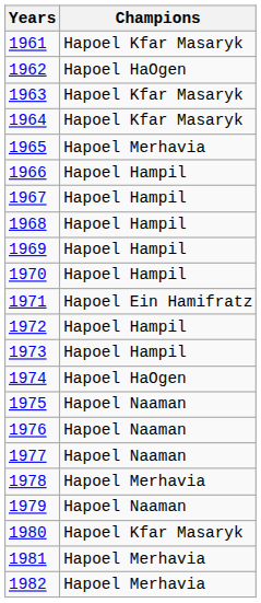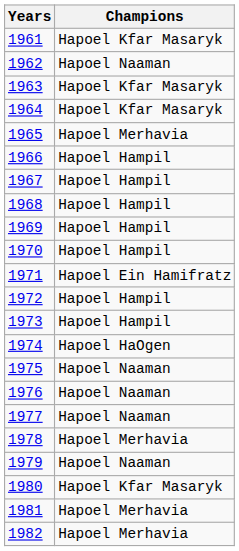 <table class="wikitable" style="display:inline-table;">
 <tr>
 <th>Years</th>
 <th>Champions</th>
 </tr>
 <tr>
 <td><a href='#'>1961</a></td>
 <td>Hapoel Kfar Masaryk</td>
 </tr>
 <tr>
 <td><a href='#'>1962</a></td>
-<td>Hapoel HaOgen</td>
+<td>Hapoel Naaman</td>
 </tr>
 <tr>
 <td><a href='#'>1963</a></td>
 <td>Hapoel Kfar Masaryk</td>
 </tr>
 <tr>
 <td><a href='#'>1964</a></td>
 <td>Hapoel Kfar Masaryk</td>
 </tr>
 <tr>
 <td><a href='#'>1965</a></td>
 <td>Hapoel Merhavia</td>
 </tr>
 <tr>
 <td><a href='#'>1966</a></td>
 <td>Hapoel Hampil</td>
 </tr>
 <tr>
 <td><a href='#'>1967</a></td>
 <td>Hapoel Hampil</td>
 </tr>
 <tr>
 <td><a href='#'>1968</a></td>
 <td>Hapoel Hampil</td>
 </tr>
 <tr>
 <td><a href='#'>1969</a></td>
 <td>Hapoel Hampil</td>
 </tr>
 <tr>
 <td><a href='#'>1970</a></td>
 <td>Hapoel Hampil</td>
 </tr>
 <tr>
 <td><a href='#'>1971</a></td>
 <td>Hapoel Ein Hamifratz</td>
 </tr>
 <tr>
 <td><a href='#'>1972</a></td>
 <td>Hapoel Hampil</td>
 </tr>
 <tr>
 <td><a href='#'>1973</a></td>
 <td>Hapoel Hampil</td>
 </tr>
 <tr>
 <td><a href='#'>1974</a></td>
 <td>Hapoel HaOgen</td>
 </tr>
 <tr>
 <td><a href='#'>1975</a></td>
 <td>Hapoel Naaman</td>
 </tr>
 <tr>
 <td><a href='#'>1976</a></td>
 <td>Hapoel Naaman</td>
 </tr>
 <tr>
 <td><a href='#'>1977</a></td>
 <td>Hapoel Naaman</td>
 </tr>
 <tr>
 <td><a href='#'>1978</a></td>
 <td>Hapoel Merhavia</td>
 </tr>
 <tr>
 <td><a href='#'>1979</a></td>
 <td>Hapoel Naaman</td>
 </tr>
 <tr>
 <td><a href='#'>1980</a></td>
 <td>Hapoel Kfar Masaryk</td>
 </tr>
 <tr>
 <td><a href='#'>1981</a></td>
 <td>Hapoel Merhavia</td>
 </tr>
 <tr>
 <td><a href='#'>1982</a></td>
 <td>Hapoel Merhavia</td>
 </tr>
 </table>
